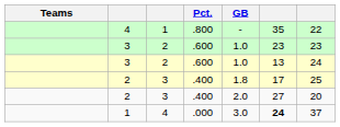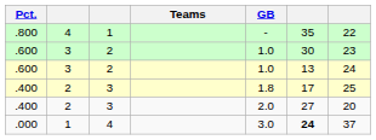 <table class="wikitable" style="text-align:center;">
 <tr>
-<th width=150px>Teams</th>
+<th width=50px><a href='#'>Pct.</a></th>
 <th width=50px></th>
 <th width=50px></th>
-<th width=50px><a href='#'>Pct.</a></th>
+<th width=150px>Teams</th>
 <th width=50px><a href='#'>GB</a></th>
 <th width=50px></th>
 <th width=50px></th>
 </tr>
 <tr style="background-color:#ccffcc">
-<td align="left"></td>
+<td>.800</td>
 <td>4</td>
 <td>1</td>
-<td>.800</td>
+<td align="left"></td>
 <td>-</td>
 <td>35</td>
 <td>22</td>
 </tr>
 <tr style="background-color:#ccffcc">
-<td align="left"></td>
+<td>.600</td>
 <td>3</td>
 <td>2</td>
-<td>.600</td>
+<td align="left"></td>
 <td>1.0</td>
-<td>23</td>
+<td>30</td>
 <td>23</td>
 </tr>
 <tr style="background-color:#ffffcc">
-<td align="left"></td>
+<td>.600</td>
 <td>3</td>
 <td>2</td>
-<td>.600</td>
+<td align="left"></td>
 <td>1.0</td>
 <td>13</td>
 <td>24</td>
 </tr>
 <tr style="background-color:#ffffcc">
-<td align="left"></td>
+<td>.400</td>
 <td>2</td>
 <td>3</td>
-<td>.400</td>
+<td align="left"></td>
 <td>1.8</td>
 <td>17</td>
 <td>25</td>
 </tr>
 <tr style="background-color:">
-<td align="left"></td>
+<td>.400</td>
 <td>2</td>
 <td>3</td>
-<td>.400</td>
+<td align="left"></td>
 <td>2.0</td>
 <td>27</td>
 <td>20</td>
 </tr>
 <tr style="background-color:">
-<td align="left"></td>
+<td>.000</td>
 <td>1</td>
 <td>4</td>
-<td>.000</td>
+<td align="left"></td>
 <td>3.0</td>
 <td><strong>24</strong></td>
 <td>37</td>
 </tr>
 </table>
